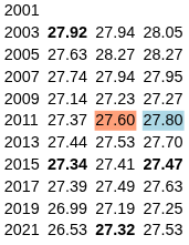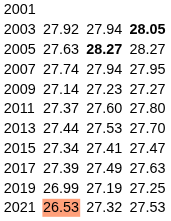 <table>
 <tr>
 <td>2001</td>
 <td></td>
 <td></td>
 <td></td>
 <td></td>
 <td></td>
 <td></td>
 </tr>
 <tr>
 <td>2003</td>
 <td></td>
-<td><strong>27.92</strong></td>
+<td>27.92</td>
 <td></td>
 <td>27.94</td>
 <td></td>
-<td>28.05</td>
+<td><strong>28.05</strong></td>
 </tr>
 <tr>
 <td>2005</td>
 <td></td>
 <td>27.63</td>
 <td></td>
-<td>28.27</td>
+<td><strong>28.27</strong></td>
 <td></td>
 <td>28.27</td>
 </tr>
 <tr>
 <td>2007</td>
 <td></td>
 <td>27.74</td>
 <td></td>
 <td>27.94</td>
 <td></td>
 <td>27.95</td>
 </tr>
 <tr>
 <td>2009</td>
 <td></td>
 <td>27.14</td>
 <td></td>
 <td>27.23</td>
 <td></td>
 <td>27.27</td>
 </tr>
 <tr>
 <td>2011</td>
 <td></td>
 <td>27.37</td>
 <td></td>
-<td style="background: lightsalmon;">27.60</td>
+<td>27.60</td>
 <td></td>
-<td style="background: lightblue;">27.80</td>
+<td>27.80</td>
 </tr>
 <tr>
 <td>2013</td>
 <td></td>
 <td>27.44</td>
 <td></td>
 <td>27.53</td>
 <td></td>
 <td>27.70</td>
 </tr>
 <tr>
 <td>2015</td>
 <td></td>
-<td><strong>27.34</strong></td>
+<td>27.34</td>
 <td></td>
 <td>27.41</td>
 <td></td>
-<td><strong>27.47</strong></td>
+<td>27.47</td>
 </tr>
 <tr>
 <td>2017</td>
 <td></td>
 <td>27.39</td>
 <td></td>
 <td>27.49</td>
 <td></td>
 <td>27.63</td>
 </tr>
 <tr>
 <td>2019</td>
 <td></td>
 <td>26.99</td>
 <td></td>
 <td>27.19</td>
 <td></td>
 <td>27.25</td>
 </tr>
 <tr>
 <td>2021</td>
 <td></td>
-<td>26.53</td>
+<td style="background: lightsalmon;">26.53</td>
 <td></td>
-<td><strong>27.32</strong></td>
+<td>27.32</td>
 <td></td>
 <td>27.53</td>
 </tr>
 </table>
